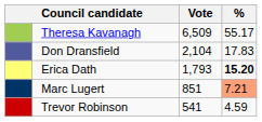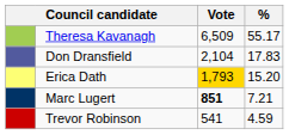 <table class="wikitable">
 <tr>
 <th width="230" bgcolor="#ddddff" colspan="2">Council candidate</th>
 <th width="50" bgcolor="#ddddff">Vote</th>
 <th width="30" bgcolor="#ddddff">%</th>
 </tr>
 <tr>
 <td width="30" bgcolor="#a1cd52"> </td>
 <td>  <a href='#'>Theresa Kavanagh</a></td>
 <td>6,509</td>
 <td>55.17</td>
 </tr>
 <tr>
 <td width="30" bgcolor="#525a9e"> </td>
 <td>  Don Dransfield</td>
 <td>2,104</td>
 <td>17.83</td>
 </tr>
 <tr>
 <td width="30" bgcolor="#fdff75"> </td>
 <td>  Erica Dath</td>
-<td>1,793</td>
-<td><strong>15.20</strong></td>
+<td style="background: gold;">1,793</td>
+<td>15.20</td>
 </tr>
 <tr>
 <td width="30" bgcolor="#003366"> </td>
 <td>  Marc Lugert</td>
-<td>851</td>
-<td style="background: lightsalmon;">7.21</td>
+<td><strong>851</strong></td>
+<td>7.21</td>
 </tr>
 <tr>
 <td width="30" bgcolor="#cc0000"> </td>
 <td>  Trevor Robinson</td>
 <td>541</td>
 <td>4.59</td>
 </tr>
 </table>
